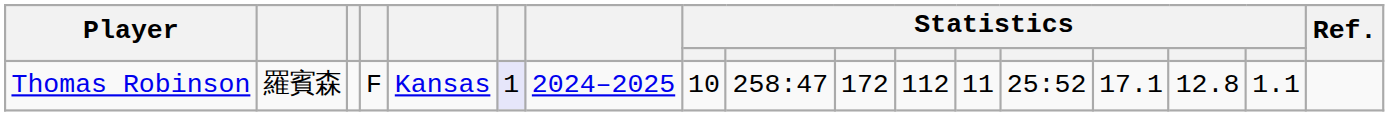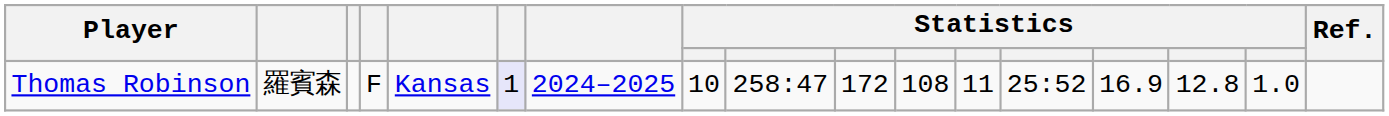 <table class="wikitable sortable" style="font-size:95%; text-align:right;">
 <tr>
 <th rowspan="2">Player</th>
 <th rowspan="2"></th>
 <th rowspan="2"></th>
 <th rowspan="2"></th>
 <th rowspan="2"></th>
 <th rowspan="2"></th>
 <th rowspan="2"></th>
 <th colspan="9">Statistics</th>
 <th rowspan="2">Ref.</th>
 </tr>
 <tr>
 <th></th>
 <th></th>
 <th></th>
 <th></th>
 <th></th>
 <th></th>
 <th></th>
 <th></th>
 <th></th>
 </tr>
 <tr>
 <td align="left"><a href='#'>Thomas Robinson</a></td>
 <td align="left">羅賓森</td>
 <td align="center"></td>
 <td align="center">F</td>
 <td align="left"><a href='#'>Kansas</a></td>
 <td align="center" style="background: lavender;">1</td>
 <td align="center"><a href='#'>2024–2025</a></td>
 <td>10</td>
 <td>258:47</td>
 <td>172</td>
-<td>112</td>
+<td>108</td>
 <td>11</td>
 <td>25:52</td>
-<td>17.1</td>
+<td>16.9</td>
 <td>12.8</td>
-<td>1.1</td>
+<td>1.0</td>
 <td align="center"></td>
 </tr>
 </table>
